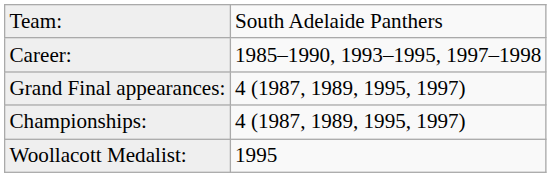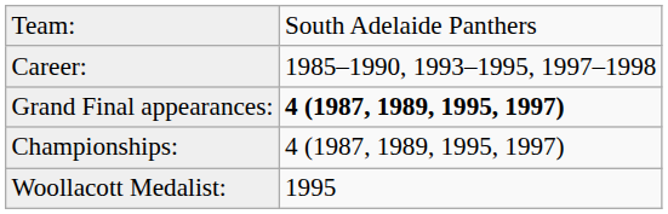 <table class="wikitable">
 <tr align=left>
 <td style="background:#efefef;">Team:</td>
 <td>South Adelaide Panthers</td>
 </tr>
 <tr>
 <td style="background:#efefef;">Career:</td>
 <td>1985–1990, 1993–1995, 1997–1998</td>
 </tr>
 <tr>
 <td style="background:#efefef;">Grand Final appearances:</td>
-<td>4 (1987, 1989, 1995, 1997)</td>
+<td><strong>4 (1987, 1989, 1995, 1997)</strong></td>
 </tr>
 <tr>
 <td style="background:#efefef;">Championships:</td>
 <td>4 (1987, 1989, 1995, 1997)</td>
 </tr>
 <tr>
 <td style="background:#efefef;">Woollacott Medalist:</td>
 <td>1995</td>
 </tr>
 </table>
